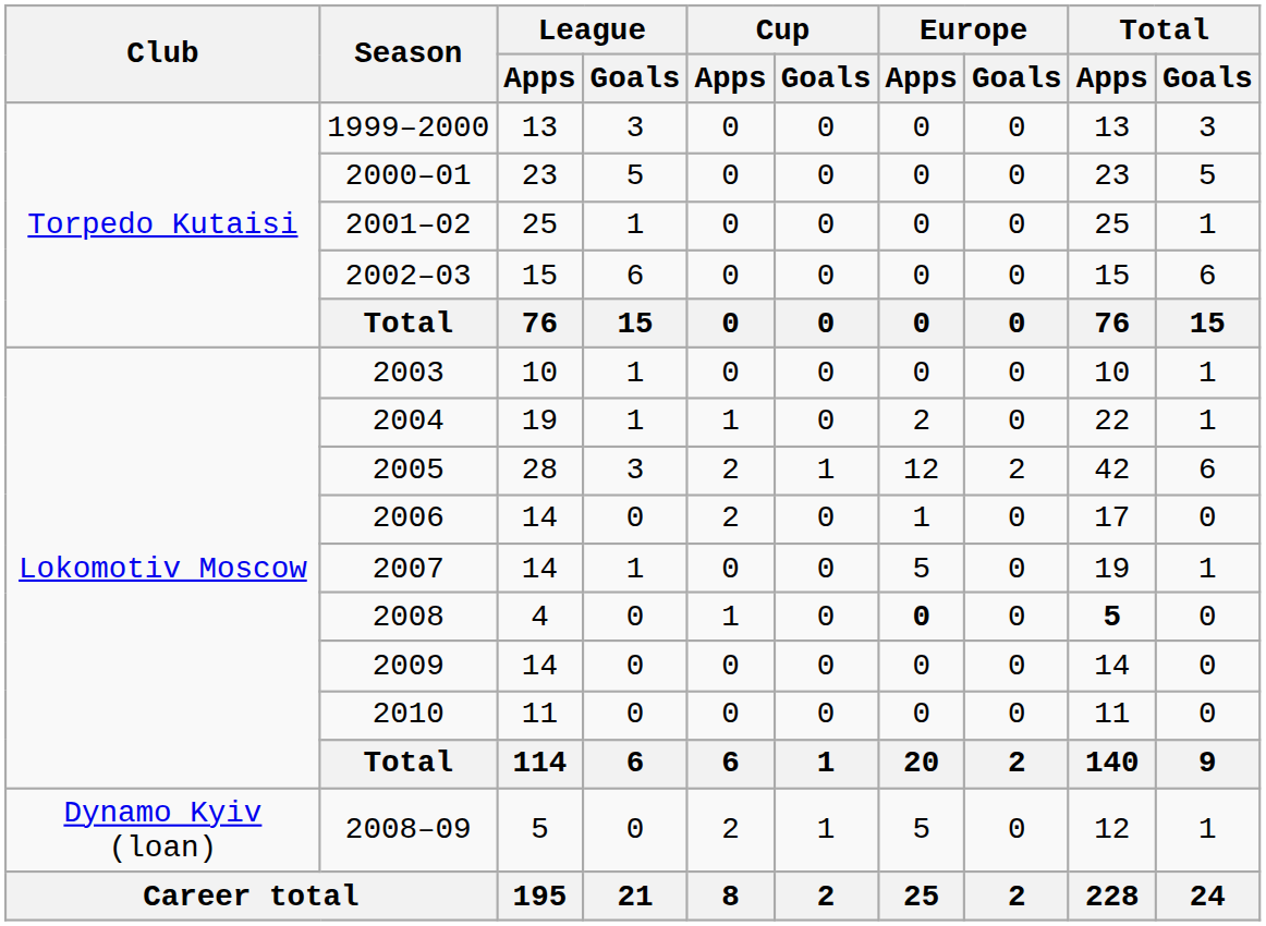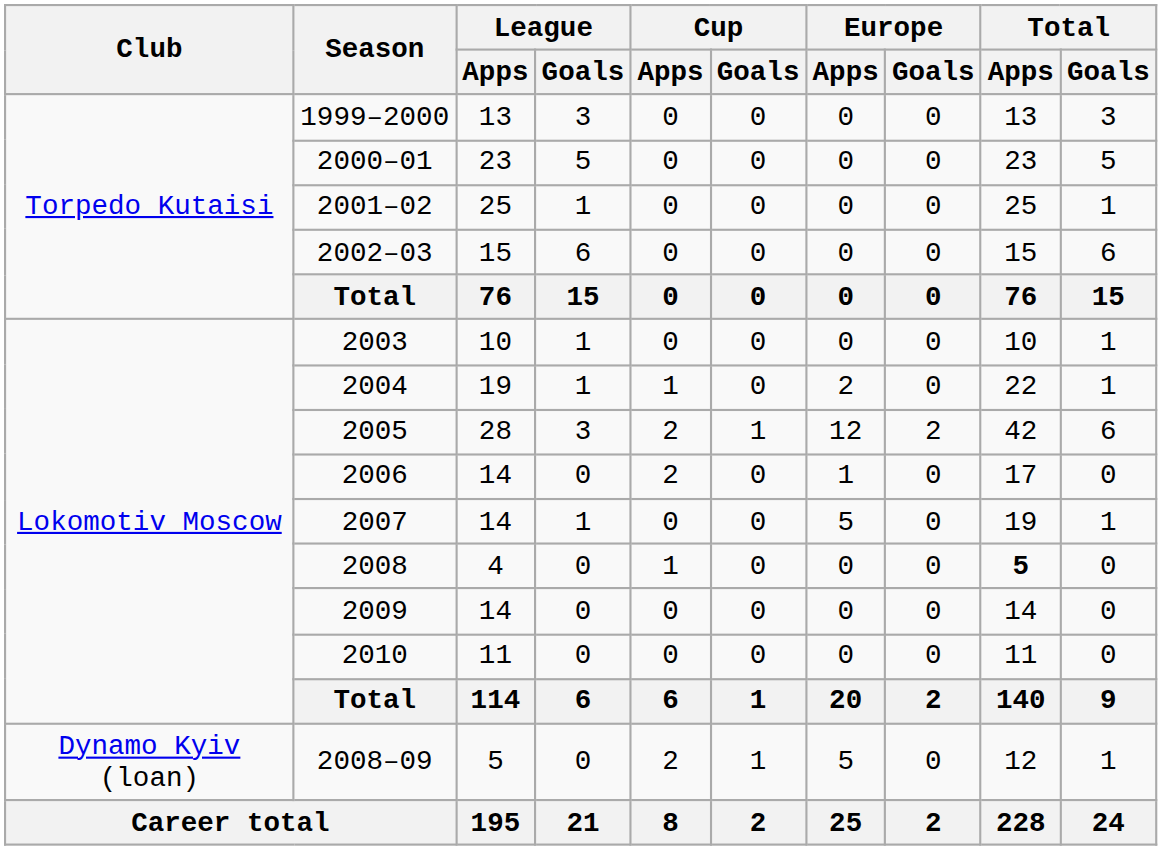 <table class="wikitable" style="text-align:center">
 <tr>
 <th rowspan="2" width=130>Club</th>
 <th rowspan="2">Season</th>
 <th colspan="2">League</th>
 <th colspan="2">Cup</th>
 <th colspan="2">Europe</th>
 <th colspan="2">Total</th>
 </tr>
 <tr>
 <th>Apps</th>
 <th>Goals</th>
 <th>Apps</th>
 <th>Goals</th>
 <th>Apps</th>
 <th>Goals</th>
 <th>Apps</th>
 <th>Goals</th>
 </tr>
 <tr>
 <td rowspan="5"><a href='#'>Torpedo Kutaisi</a></td>
 <td>1999–2000</td>
 <td>13</td>
 <td>3</td>
 <td>0</td>
 <td>0</td>
 <td>0</td>
 <td>0</td>
 <td>13</td>
 <td>3</td>
 </tr>
 <tr>
 <td>2000–01</td>
 <td>23</td>
 <td>5</td>
 <td>0</td>
 <td>0</td>
 <td>0</td>
 <td>0</td>
 <td>23</td>
 <td>5</td>
 </tr>
 <tr>
 <td>2001–02</td>
 <td>25</td>
 <td>1</td>
 <td>0</td>
 <td>0</td>
 <td>0</td>
 <td>0</td>
 <td>25</td>
 <td>1</td>
 </tr>
 <tr>
 <td>2002–03</td>
 <td>15</td>
 <td>6</td>
 <td>0</td>
 <td>0</td>
 <td>0</td>
 <td>0</td>
 <td>15</td>
 <td>6</td>
 </tr>
 <tr>
 <th>Total</th>
 <th>76</th>
 <th>15</th>
 <th>0</th>
 <th>0</th>
 <th>0</th>
 <th>0</th>
 <th>76</th>
 <th>15</th>
 </tr>
 <tr>
 <td rowspan="9"><a href='#'>Lokomotiv Moscow</a></td>
 <td>2003</td>
 <td>10</td>
 <td>1</td>
 <td>0</td>
 <td>0</td>
 <td>0</td>
 <td>0</td>
 <td>10</td>
 <td>1</td>
 </tr>
 <tr>
 <td>2004</td>
 <td>19</td>
 <td>1</td>
 <td>1</td>
 <td>0</td>
 <td>2</td>
 <td>0</td>
 <td>22</td>
 <td>1</td>
 </tr>
 <tr>
 <td>2005</td>
 <td>28</td>
 <td>3</td>
 <td>2</td>
 <td>1</td>
 <td>12</td>
 <td>2</td>
 <td>42</td>
 <td>6</td>
 </tr>
 <tr>
 <td>2006</td>
 <td>14</td>
 <td>0</td>
 <td>2</td>
 <td>0</td>
 <td>1</td>
 <td>0</td>
 <td>17</td>
 <td>0</td>
 </tr>
 <tr>
 <td>2007</td>
 <td>14</td>
 <td>1</td>
 <td>0</td>
 <td>0</td>
 <td>5</td>
 <td>0</td>
 <td>19</td>
 <td>1</td>
 </tr>
 <tr>
 <td>2008</td>
 <td>4</td>
 <td>0</td>
 <td>1</td>
 <td>0</td>
-<td><strong>0</strong></td>
+<td>0</td>
 <td>0</td>
 <td><strong>5</strong></td>
 <td>0</td>
 </tr>
 <tr>
 <td>2009</td>
 <td>14</td>
 <td>0</td>
 <td>0</td>
 <td>0</td>
 <td>0</td>
 <td>0</td>
 <td>14</td>
 <td>0</td>
 </tr>
 <tr>
 <td>2010</td>
 <td>11</td>
 <td>0</td>
 <td>0</td>
 <td>0</td>
 <td>0</td>
 <td>0</td>
 <td>11</td>
 <td>0</td>
 </tr>
 <tr>
 <th>Total</th>
 <th>114</th>
 <th>6</th>
 <th>6</th>
 <th>1</th>
 <th>20</th>
 <th>2</th>
 <th>140</th>
 <th>9</th>
 </tr>
 <tr>
 <td><a href='#'>Dynamo Kyiv</a> (loan)</td>
 <td>2008–09</td>
 <td>5</td>
 <td>0</td>
 <td>2</td>
 <td>1</td>
 <td>5</td>
 <td>0</td>
 <td>12</td>
 <td>1</td>
 </tr>
 <tr>
 <th colspan="2">Career total</th>
 <th>195</th>
 <th>21</th>
 <th>8</th>
 <th>2</th>
 <th>25</th>
 <th>2</th>
 <th>228</th>
 <th>24</th>
 </tr>
 </table>
